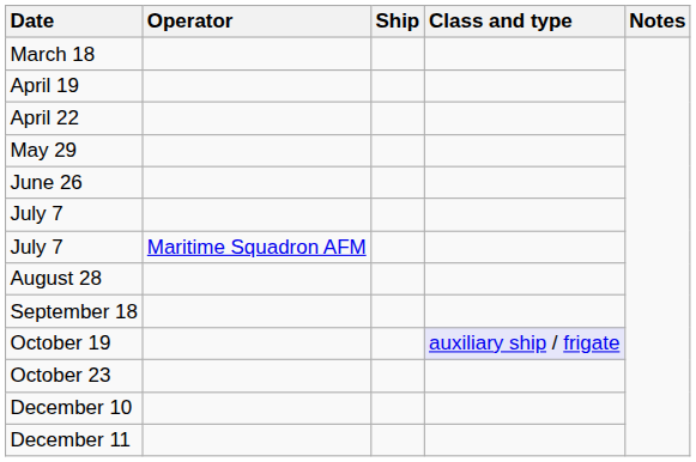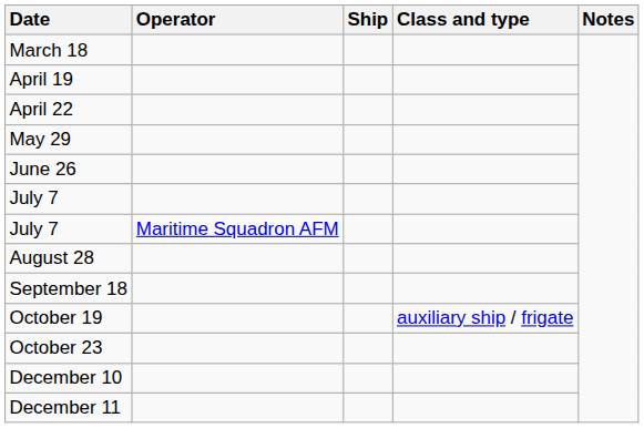 <table class="wikitable nowraplinks">
 <tr>
 <th style="text-align: left">Date</th>
 <th style="text-align: left">Operator</th>
 <th style="text-align: left">Ship</th>
 <th style="text-align: left">Class and type</th>
 <th style="text-align: left">Notes</th>
 </tr>
 <tr ---->
 <td>March 18</td>
 <td></td>
 <td><strong></strong></td>
 <td></td>
 </tr>
 <tr ---->
 <td>April 19</td>
 <td></td>
 <td><strong></strong></td>
 <td></td>
 </tr>
 <tr ---->
 <td>April 22</td>
 <td></td>
 <td><strong></strong></td>
 <td></td>
 </tr>
 <tr ---->
 <td>May 29</td>
 <td></td>
 <td><strong></strong></td>
 <td></td>
 </tr>
 <tr ---->
 <td>June 26</td>
 <td></td>
 <td><strong></strong></td>
 <td></td>
 </tr>
 <tr ---->
 <td>July 7</td>
 <td></td>
 <td><strong></strong></td>
 <td></td>
 </tr>
 <tr ---->
 <td>July 7</td>
 <td> <a href='#'>Maritime Squadron AFM</a></td>
 <td><strong></strong></td>
 <td></td>
 </tr>
 <tr ---->
 <td>August 28</td>
 <td></td>
 <td><strong></strong></td>
 <td></td>
 </tr>
 <tr ---->
 <td>September 18</td>
 <td></td>
 <td><strong></strong></td>
 <td></td>
 </tr>
 <tr ---->
 <td>October 19</td>
 <td></td>
 <td><strong></strong></td>
-<td style="background: lavender;"> <a href='#'>auxiliary ship</a> / <a href='#'>frigate</a></td>
+<td> <a href='#'>auxiliary ship</a> / <a href='#'>frigate</a></td>
 </tr>
 <tr ---->
 <td>October 23</td>
 <td></td>
 <td><strong></strong></td>
 <td></td>
 </tr>
 <tr ---->
 <td>December 10</td>
 <td></td>
 <td><strong></strong></td>
 <td></td>
 </tr>
 <tr ---->
 <td>December 11</td>
 <td></td>
 <td><strong></strong></td>
 <td></td>
 </tr>
 </table>
